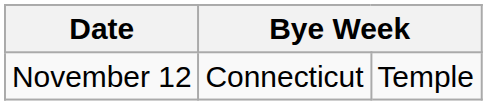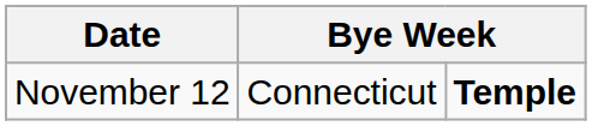 <table class="wikitable" style="font-size:95%;">
 <tr>
 <th>Date</th>
 <th colspan="2">Bye Week</th>
 </tr>
 <tr>
 <td>November 12</td>
 <td>Connecticut</td>
-<td>Temple</td>
+<td><strong>Temple</strong></td>
 </tr>
 </table>
